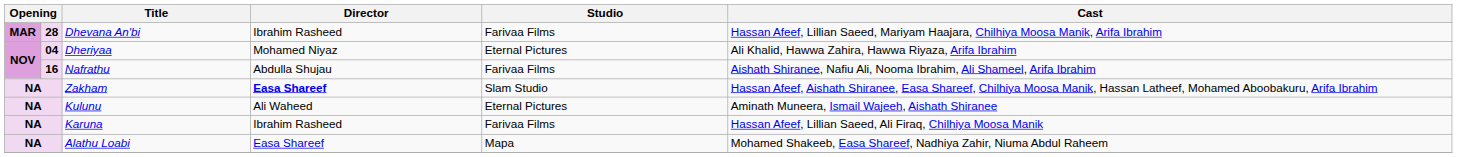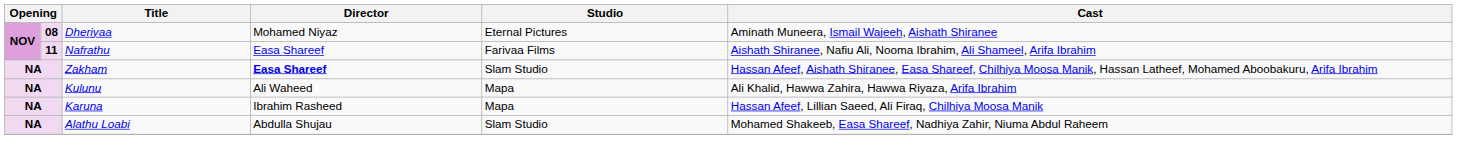 <table class="wikitable plainrowheaders" width="100%">
 <tr>
 <th scope="col" colspan="2" width=4%>Opening</th>
 <th scope="col" width=13%>Title</th>
 <th scope="col" width=16%>Director</th>
 <th scope="col" width=17%>Studio</th>
 <th scope="col" width=50%>Cast</th>
 </tr>
 <tr>
-<td style="text-align:center; background:plum; textcolor:#000;"><strong>MAR</strong></td>
-<td style="text-align:center; background:#f1daf1;"><strong>28</strong></td>
-<td><em><a href='#'>Dhevana An'bi</a></em></td>
-<td>Ibrahim Rasheed</td>
-<td>Farivaa Films</td>
-<td><a href='#'>Hassan Afeef</a>, Lillian Saeed, Mariyam Haajara, <a href='#'>Chilhiya Moosa Manik</a>, <a href='#'>Arifa Ibrahim</a></td>
-</tr>
-<tr>
 <td style="text-align:center; background:plum; textcolor:#000;" rowspan="2"><strong>NOV</strong></td>
-<td style="text-align:center; background:#f1daf1;"><strong>04</strong></td>
+<td style="text-align:center; background:#f1daf1;"><strong>08</strong></td>
 <td><em><a href='#'>Dheriyaa</a></em></td>
 <td>Mohamed Niyaz</td>
 <td>Eternal Pictures</td>
-<td>Ali Khalid, Hawwa Zahira, Hawwa Riyaza, <a href='#'>Arifa Ibrahim</a></td>
+<td>Aminath Muneera, <a href='#'>Ismail Wajeeh</a>, <a href='#'>Aishath Shiranee</a></td>
 </tr>
 <tr>
-<td style="text-align:center; background:#f1daf1;"><strong>16</strong></td>
+<td style="text-align:center; background:#f1daf1;"><strong>11</strong></td>
 <td><em><a href='#'>Nafrathu</a></em></td>
-<td>Abdulla Shujau</td>
+<td><a href='#'>Easa Shareef</a></td>
 <td>Farivaa Films</td>
 <td><a href='#'>Aishath Shiranee</a>, Nafiu Ali, Nooma Ibrahim, <a href='#'>Ali Shameel</a>, <a href='#'>Arifa Ibrahim</a></td>
 </tr>
 <tr>
 <td style="text-align:center; background:#f1daf1;" colspan="2"><strong>NA</strong></td>
 <td><em><a href='#'>Zakham</a></em></td>
 <td><strong><a href='#'>Easa Shareef</a></strong></td>
 <td>Slam Studio</td>
 <td><a href='#'>Hassan Afeef</a>, <a href='#'>Aishath Shiranee</a>, <a href='#'>Easa Shareef</a>, <a href='#'>Chilhiya Moosa Manik</a>, Hassan Latheef, Mohamed Aboobakuru, <a href='#'>Arifa Ibrahim</a></td>
 </tr>
 <tr>
 <td style="text-align:center; background:#f1daf1;" colspan="2"><strong>NA</strong></td>
 <td><em><a href='#'>Kulunu</a></em></td>
 <td>Ali Waheed</td>
-<td>Eternal Pictures</td>
-<td>Aminath Muneera, <a href='#'>Ismail Wajeeh</a>, <a href='#'>Aishath Shiranee</a></td>
+<td>Mapa</td>
+<td>Ali Khalid, Hawwa Zahira, Hawwa Riyaza, <a href='#'>Arifa Ibrahim</a></td>
 </tr>
 <tr>
 <td style="text-align:center; background:#f1daf1;" colspan="2"><strong>NA</strong></td>
 <td><em><a href='#'>Karuna</a></em></td>
 <td>Ibrahim Rasheed</td>
-<td>Farivaa Films</td>
+<td>Mapa</td>
 <td><a href='#'>Hassan Afeef</a>, Lillian Saeed, Ali Firaq, <a href='#'>Chilhiya Moosa Manik</a></td>
 </tr>
 <tr>
 <td style="text-align:center; background:#f1daf1;" colspan="2"><strong>NA</strong></td>
 <td><em><a href='#'>Alathu Loabi</a></em></td>
-<td><a href='#'>Easa Shareef</a></td>
-<td>Mapa</td>
+<td>Abdulla Shujau</td>
+<td>Slam Studio</td>
 <td>Mohamed Shakeeb, <a href='#'>Easa Shareef</a>, Nadhiya Zahir, Niuma Abdul Raheem</td>
 </tr>
 <tr>
 </tr>
 </table>
